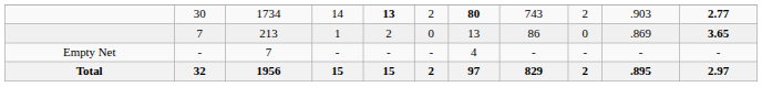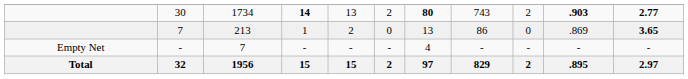 <table class="wikitable sortable" width ="1000">
 <tr align="center">
 </tr>
 <tr align="center" bgcolor="">
 <td></td>
 <td>30</td>
 <td>1734</td>
-<td>14</td>
-<td><strong>13</strong></td>
+<td><strong>14</strong></td>
+<td>13</td>
 <td>2</td>
 <td><strong>80</strong></td>
 <td>743</td>
 <td>2</td>
-<td>.903</td>
+<td><strong>.903</strong></td>
 <td><strong>2.77</strong></td>
 </tr>
 <tr align="center" bgcolor="f0f0f0">
 <td></td>
 <td>7</td>
 <td>213</td>
 <td>1</td>
 <td>2</td>
 <td>0</td>
 <td>13</td>
 <td>86</td>
 <td>0</td>
 <td>.869</td>
 <td><strong>3.65</strong></td>
 </tr>
 <tr align="center" bgcolor="">
 <td>Empty Net</td>
 <td>-</td>
 <td>7</td>
 <td>-</td>
 <td>-</td>
 <td>-</td>
 <td>4</td>
 <td>-</td>
 <td>-</td>
 <td>-</td>
 <td>-</td>
 </tr>
 <tr>
 <th>Total</th>
 <th>32</th>
 <th>1956</th>
 <th>15</th>
 <th>15</th>
 <th>2</th>
 <th>97</th>
 <th>829</th>
 <th>2</th>
 <th>.895</th>
 <th>2.97</th>
 </tr>
 </table>
